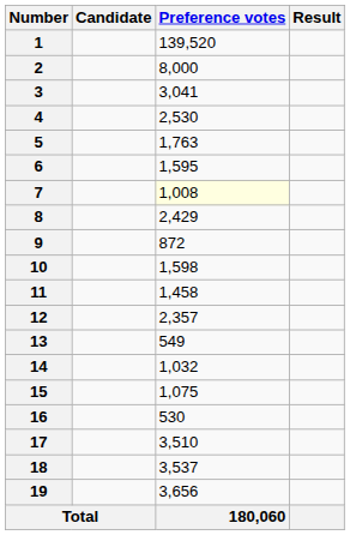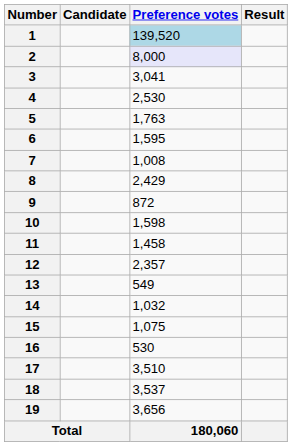 <table class="wikitable sortable" >
 <tr>
 <th scope="col">Number</th>
 <th scope="col">Candidate</th>
 <th scope="col"><a href='#'>Preference votes</a></th>
 <th scope="col">Result</th>
 </tr>
 <tr>
 <th scope="row">1</th>
 <td style="text-align:left"></td>
-<td>139,520</td>
+<td style="background: lightblue;">139,520</td>
 <td></td>
 </tr>
 <tr>
 <th scope="row">2</th>
 <td style="text-align:left"></td>
-<td>8,000</td>
+<td style="background: lavender;">8,000</td>
 <td></td>
 </tr>
 <tr>
 <th scope="row">3</th>
 <td style="text-align:left"></td>
 <td>3,041</td>
 <td></td>
 </tr>
 <tr>
 <th scope="row">4</th>
 <td style="text-align:left"></td>
 <td>2,530</td>
 <td></td>
 </tr>
 <tr>
 <th scope="row">5</th>
 <td style="text-align:left"></td>
 <td>1,763</td>
 <td></td>
 </tr>
 <tr>
 <th scope="row">6</th>
 <td style="text-align:left"></td>
 <td>1,595</td>
 <td></td>
 </tr>
 <tr>
 <th scope="row">7</th>
 <td style="text-align:left"></td>
-<td style="background: lightyellow;">1,008</td>
+<td>1,008</td>
 <td></td>
 </tr>
 <tr>
 <th scope="row">8</th>
 <td style="text-align:left"></td>
 <td>2,429</td>
 <td></td>
 </tr>
 <tr>
 <th scope="row">9</th>
 <td style="text-align:left"></td>
 <td>872</td>
 <td></td>
 </tr>
 <tr>
 <th scope="row">10</th>
 <td style="text-align:left"></td>
 <td>1,598</td>
 <td></td>
 </tr>
 <tr>
 <th scope="row">11</th>
 <td style="text-align:left"></td>
 <td>1,458</td>
 <td></td>
 </tr>
 <tr>
 <th scope="row">12</th>
 <td style="text-align:left"></td>
 <td>2,357</td>
 <td></td>
 </tr>
 <tr>
 <th scope="row">13</th>
 <td style="text-align:left"></td>
 <td>549</td>
 <td></td>
 </tr>
 <tr>
 <th scope="row">14</th>
 <td style="text-align:left"></td>
 <td>1,032</td>
 <td></td>
 </tr>
 <tr>
 <th scope="row">15</th>
 <td style="text-align:left"></td>
 <td>1,075</td>
 <td></td>
 </tr>
 <tr>
 <th scope="row">16</th>
 <td style="text-align:left"></td>
 <td>530</td>
 <td></td>
 </tr>
 <tr>
 <th scope="row">17</th>
 <td style="text-align:left"></td>
 <td>3,510</td>
 <td></td>
 </tr>
 <tr>
 <th scope="row">18</th>
 <td style="text-align:left"></td>
 <td>3,537</td>
 <td></td>
 </tr>
 <tr>
 <th scope="row">19</th>
 <td style="text-align:left"></td>
 <td>3,656</td>
 <td></td>
 </tr>
 <tr class="sortbottom">
 <th scope="row"  colspan="2">Total</th>
 <th style="text-align:right">180,060</th>
 <th></th>
 </tr>
 </table>
